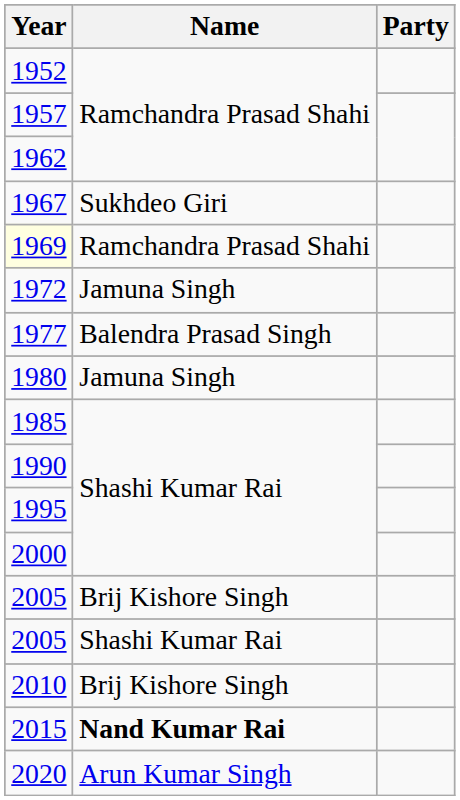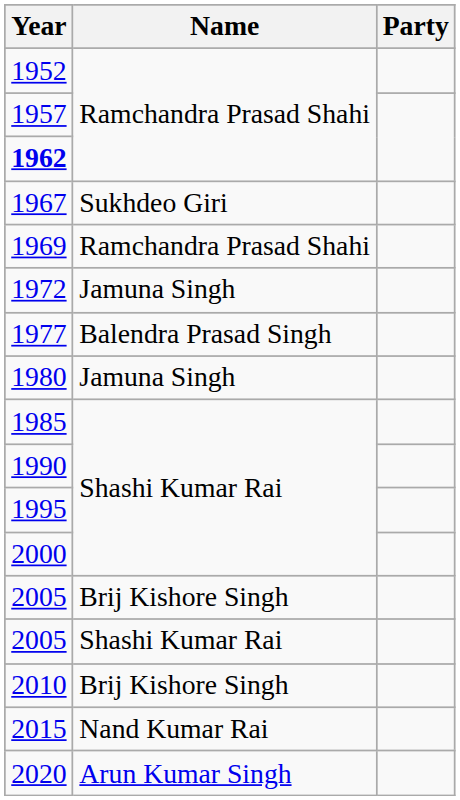 <table class="wikitable sortable">
 <tr>
 <th>Year</th>
 <th>Name</th>
 <th colspan="2">Party</th>
 </tr>
 <tr>
 <td><a href='#'>1952</a></td>
 <td rowspan="3">Ramchandra Prasad Shahi</td>
 <td></td>
 </tr>
 <tr>
 <td><a href='#'>1957</a></td>
 </tr>
 <tr>
-<td><a href='#'>1962</a></td>
+<td><strong><a href='#'>1962</a></strong></td>
 </tr>
 <tr>
 <td><a href='#'>1967</a></td>
 <td>Sukhdeo Giri</td>
 <td></td>
 </tr>
 <tr>
-<td style="background: lightyellow;"><a href='#'>1969</a></td>
+<td><a href='#'>1969</a></td>
 <td>Ramchandra Prasad Shahi</td>
 <td></td>
 </tr>
 <tr>
 <td><a href='#'>1972</a></td>
 <td>Jamuna Singh</td>
 <td></td>
 </tr>
 <tr>
 <td><a href='#'>1977</a></td>
 <td>Balendra Prasad Singh</td>
 <td></td>
 </tr>
 <tr>
 <td><a href='#'>1980</a></td>
 <td>Jamuna Singh</td>
 <td></td>
 </tr>
 <tr>
 <td><a href='#'>1985</a></td>
 <td rowspan="4">Shashi Kumar Rai</td>
 <td></td>
 </tr>
 <tr>
 <td><a href='#'>1990</a></td>
 <td></td>
 </tr>
 <tr>
 <td><a href='#'>1995</a></td>
 </tr>
 <tr>
 <td><a href='#'>2000</a></td>
 <td></td>
 </tr>
 <tr>
 <td><a href='#'>2005</a></td>
 <td>Brij Kishore Singh</td>
 <td></td>
 </tr>
 <tr>
 <td><a href='#'>2005</a></td>
 <td>Shashi Kumar Rai</td>
 <td></td>
 </tr>
 <tr>
 <td><a href='#'>2010</a></td>
 <td>Brij Kishore Singh</td>
 <td></td>
 </tr>
 <tr>
 <td><a href='#'>2015</a></td>
-<td><strong>Nand Kumar Rai</strong></td>
+<td>Nand Kumar Rai</td>
 </tr>
 <tr>
 <td><a href='#'>2020</a></td>
 <td><a href='#'>Arun Kumar Singh</a></td>
 <td></td>
 </tr>
 </table>
